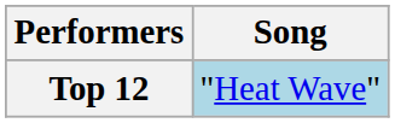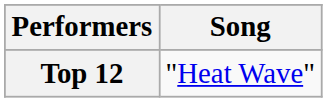 <table class="wikitable unsortable" style="text-align:center;">
 <tr>
 <th scope="col">Performers</th>
 <th scope="col">Song</th>
 </tr>
 <tr>
 <th scope="row">Top 12</th>
-<td style="background: lightblue;">"<a href='#'>Heat Wave</a>"</td>
+<td>"<a href='#'>Heat Wave</a>"</td>
 </tr>
 </table>
